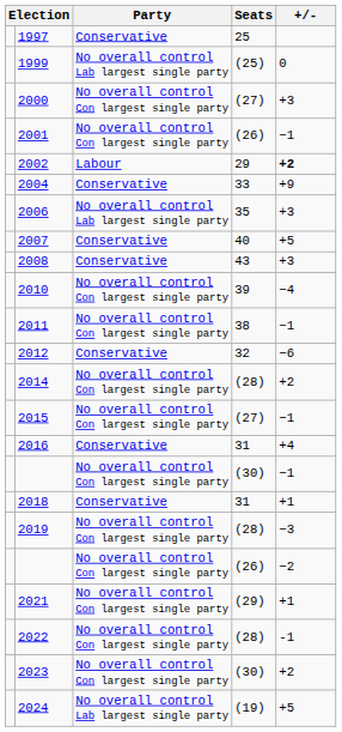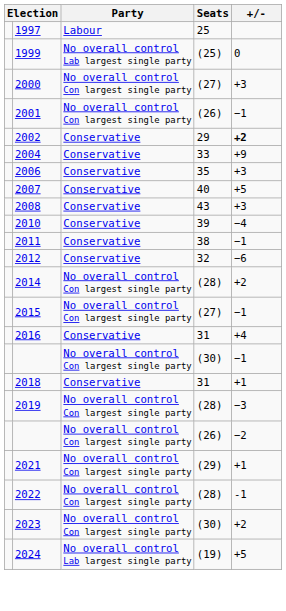 <table class="wikitable">
 <tr>
 <th colspan="2">Election</th>
 <th>Party</th>
 <th>Seats</th>
 <th>  +/-  </th>
 </tr>
 <tr>
 <td style="background-color: "></td>
 <td><a href='#'>1997</a></td>
-<td><a href='#'>Conservative</a></td>
+<td><a href='#'>Labour</a></td>
 <td>25</td>
 <td></td>
 </tr>
 <tr>
 <td style="background-color: "></td>
 <td><a href='#'>1999</a></td>
 <td><a href='#'>No overall control</a><br> <small><a href='#'>Lab</a> largest single party</small></td>
 <td>(25)</td>
 <td>0</td>
 </tr>
 <tr>
 <td style="background-color: "></td>
 <td><a href='#'>2000</a></td>
 <td><a href='#'>No overall control</a><br> <small><a href='#'>Con</a> largest single party</small></td>
 <td>(27)</td>
 <td>+3</td>
 </tr>
 <tr>
 <td style="background-color: "></td>
 <td><a href='#'>2001</a></td>
 <td><a href='#'>No overall control</a><br> <small><a href='#'>Con</a> largest single party</small></td>
 <td>(26)</td>
 <td>−1</td>
 </tr>
 <tr>
 <td style="background-color: "></td>
 <td><a href='#'>2002</a></td>
-<td><a href='#'>Labour</a></td>
+<td><a href='#'>Conservative</a></td>
 <td>29</td>
 <td><strong>+2</strong></td>
 </tr>
 <tr>
 <td style="background-color: "></td>
 <td><a href='#'>2004</a></td>
 <td><a href='#'>Conservative</a></td>
 <td>33</td>
 <td>+9</td>
 </tr>
 <tr>
 <td style="background-color: "></td>
 <td><a href='#'>2006</a></td>
-<td><a href='#'>No overall control</a><br> <small><a href='#'>Lab</a> largest single party</small></td>
+<td><a href='#'>Conservative</a></td>
 <td>35</td>
 <td>+3</td>
 </tr>
 <tr>
 <td style="background-color: "></td>
 <td><a href='#'>2007</a></td>
 <td><a href='#'>Conservative</a></td>
 <td>40</td>
 <td>+5</td>
 </tr>
 <tr>
 <td style="background-color: "></td>
 <td><a href='#'>2008</a></td>
 <td><a href='#'>Conservative</a></td>
 <td>43</td>
 <td>+3</td>
 </tr>
 <tr>
 <td style="background-color: "></td>
 <td><a href='#'>2010</a></td>
-<td><a href='#'>No overall control</a><br> <small><a href='#'>Con</a> largest single party</small></td>
+<td><a href='#'>Conservative</a></td>
 <td>39</td>
 <td>−4</td>
 </tr>
 <tr>
 <td style="background-color: "></td>
 <td><a href='#'>2011</a></td>
-<td><a href='#'>No overall control</a><br> <small><a href='#'>Con</a> largest single party</small></td>
+<td><a href='#'>Conservative</a></td>
 <td>38</td>
 <td>−1</td>
 </tr>
 <tr>
 <td style="background-color: "></td>
 <td><a href='#'>2012</a></td>
 <td><a href='#'>Conservative</a></td>
 <td>32</td>
 <td>−6</td>
 </tr>
 <tr>
 <td style="background-color: "></td>
 <td><a href='#'>2014</a></td>
 <td><a href='#'>No overall control</a><br> <small><a href='#'>Con</a> largest single party</small></td>
 <td>(28)</td>
 <td>+2</td>
 </tr>
 <tr>
 <td style="background-color: "></td>
 <td><a href='#'>2015</a></td>
 <td><a href='#'>No overall control</a><br> <small><a href='#'>Con</a> largest single party</small></td>
 <td>(27)</td>
 <td>−1</td>
 </tr>
 <tr>
 <td style="background-color: "></td>
 <td><a href='#'>2016</a></td>
 <td><a href='#'>Conservative</a></td>
 <td>31</td>
 <td>+4</td>
 </tr>
 <tr>
 <td style="background-color: "></td>
 <td></td>
 <td><a href='#'>No overall control</a><br> <small><a href='#'>Con</a> largest single party</small></td>
 <td>(30)</td>
 <td>−1</td>
 </tr>
 <tr>
 <td style="background-color: "></td>
 <td><a href='#'>2018</a></td>
 <td><a href='#'>Conservative</a></td>
 <td>31</td>
 <td>+1</td>
 </tr>
 <tr>
 <td style="background-color: "></td>
 <td><a href='#'>2019</a></td>
 <td><a href='#'>No overall control</a><br> <small><a href='#'>Con</a> largest single party</small></td>
 <td>(28)</td>
 <td>−3</td>
 </tr>
 <tr>
 <td style="background-color: "></td>
 <td></td>
 <td><a href='#'>No overall control</a><br> <small><a href='#'>Con</a> largest single party</small></td>
 <td>(26)</td>
 <td>−2</td>
 </tr>
 <tr>
 <td style="background-color: "></td>
 <td><a href='#'>2021</a></td>
 <td><a href='#'>No overall control</a><br> <small><a href='#'>Con</a> largest single party</small></td>
 <td>(29)</td>
 <td>+1</td>
 </tr>
 <tr>
 <td style="background-color: "></td>
 <td><a href='#'>2022</a></td>
 <td><a href='#'>No overall control</a><br> <small><a href='#'>Con</a> largest single party</small></td>
 <td>(28)</td>
 <td>-1</td>
 </tr>
 <tr>
 <td style="background-color: "></td>
 <td><a href='#'>2023</a></td>
 <td><a href='#'>No overall control</a><br> <small><a href='#'>Con</a> largest single party</small></td>
 <td>(30)</td>
 <td>+2</td>
 </tr>
 <tr>
 <td style="background-color: "></td>
 <td><a href='#'>2024</a></td>
 <td><a href='#'>No overall control</a><br> <small><a href='#'>Lab</a> largest single party</small></td>
 <td>(19)</td>
 <td>+5</td>
 </tr>
 </table>
